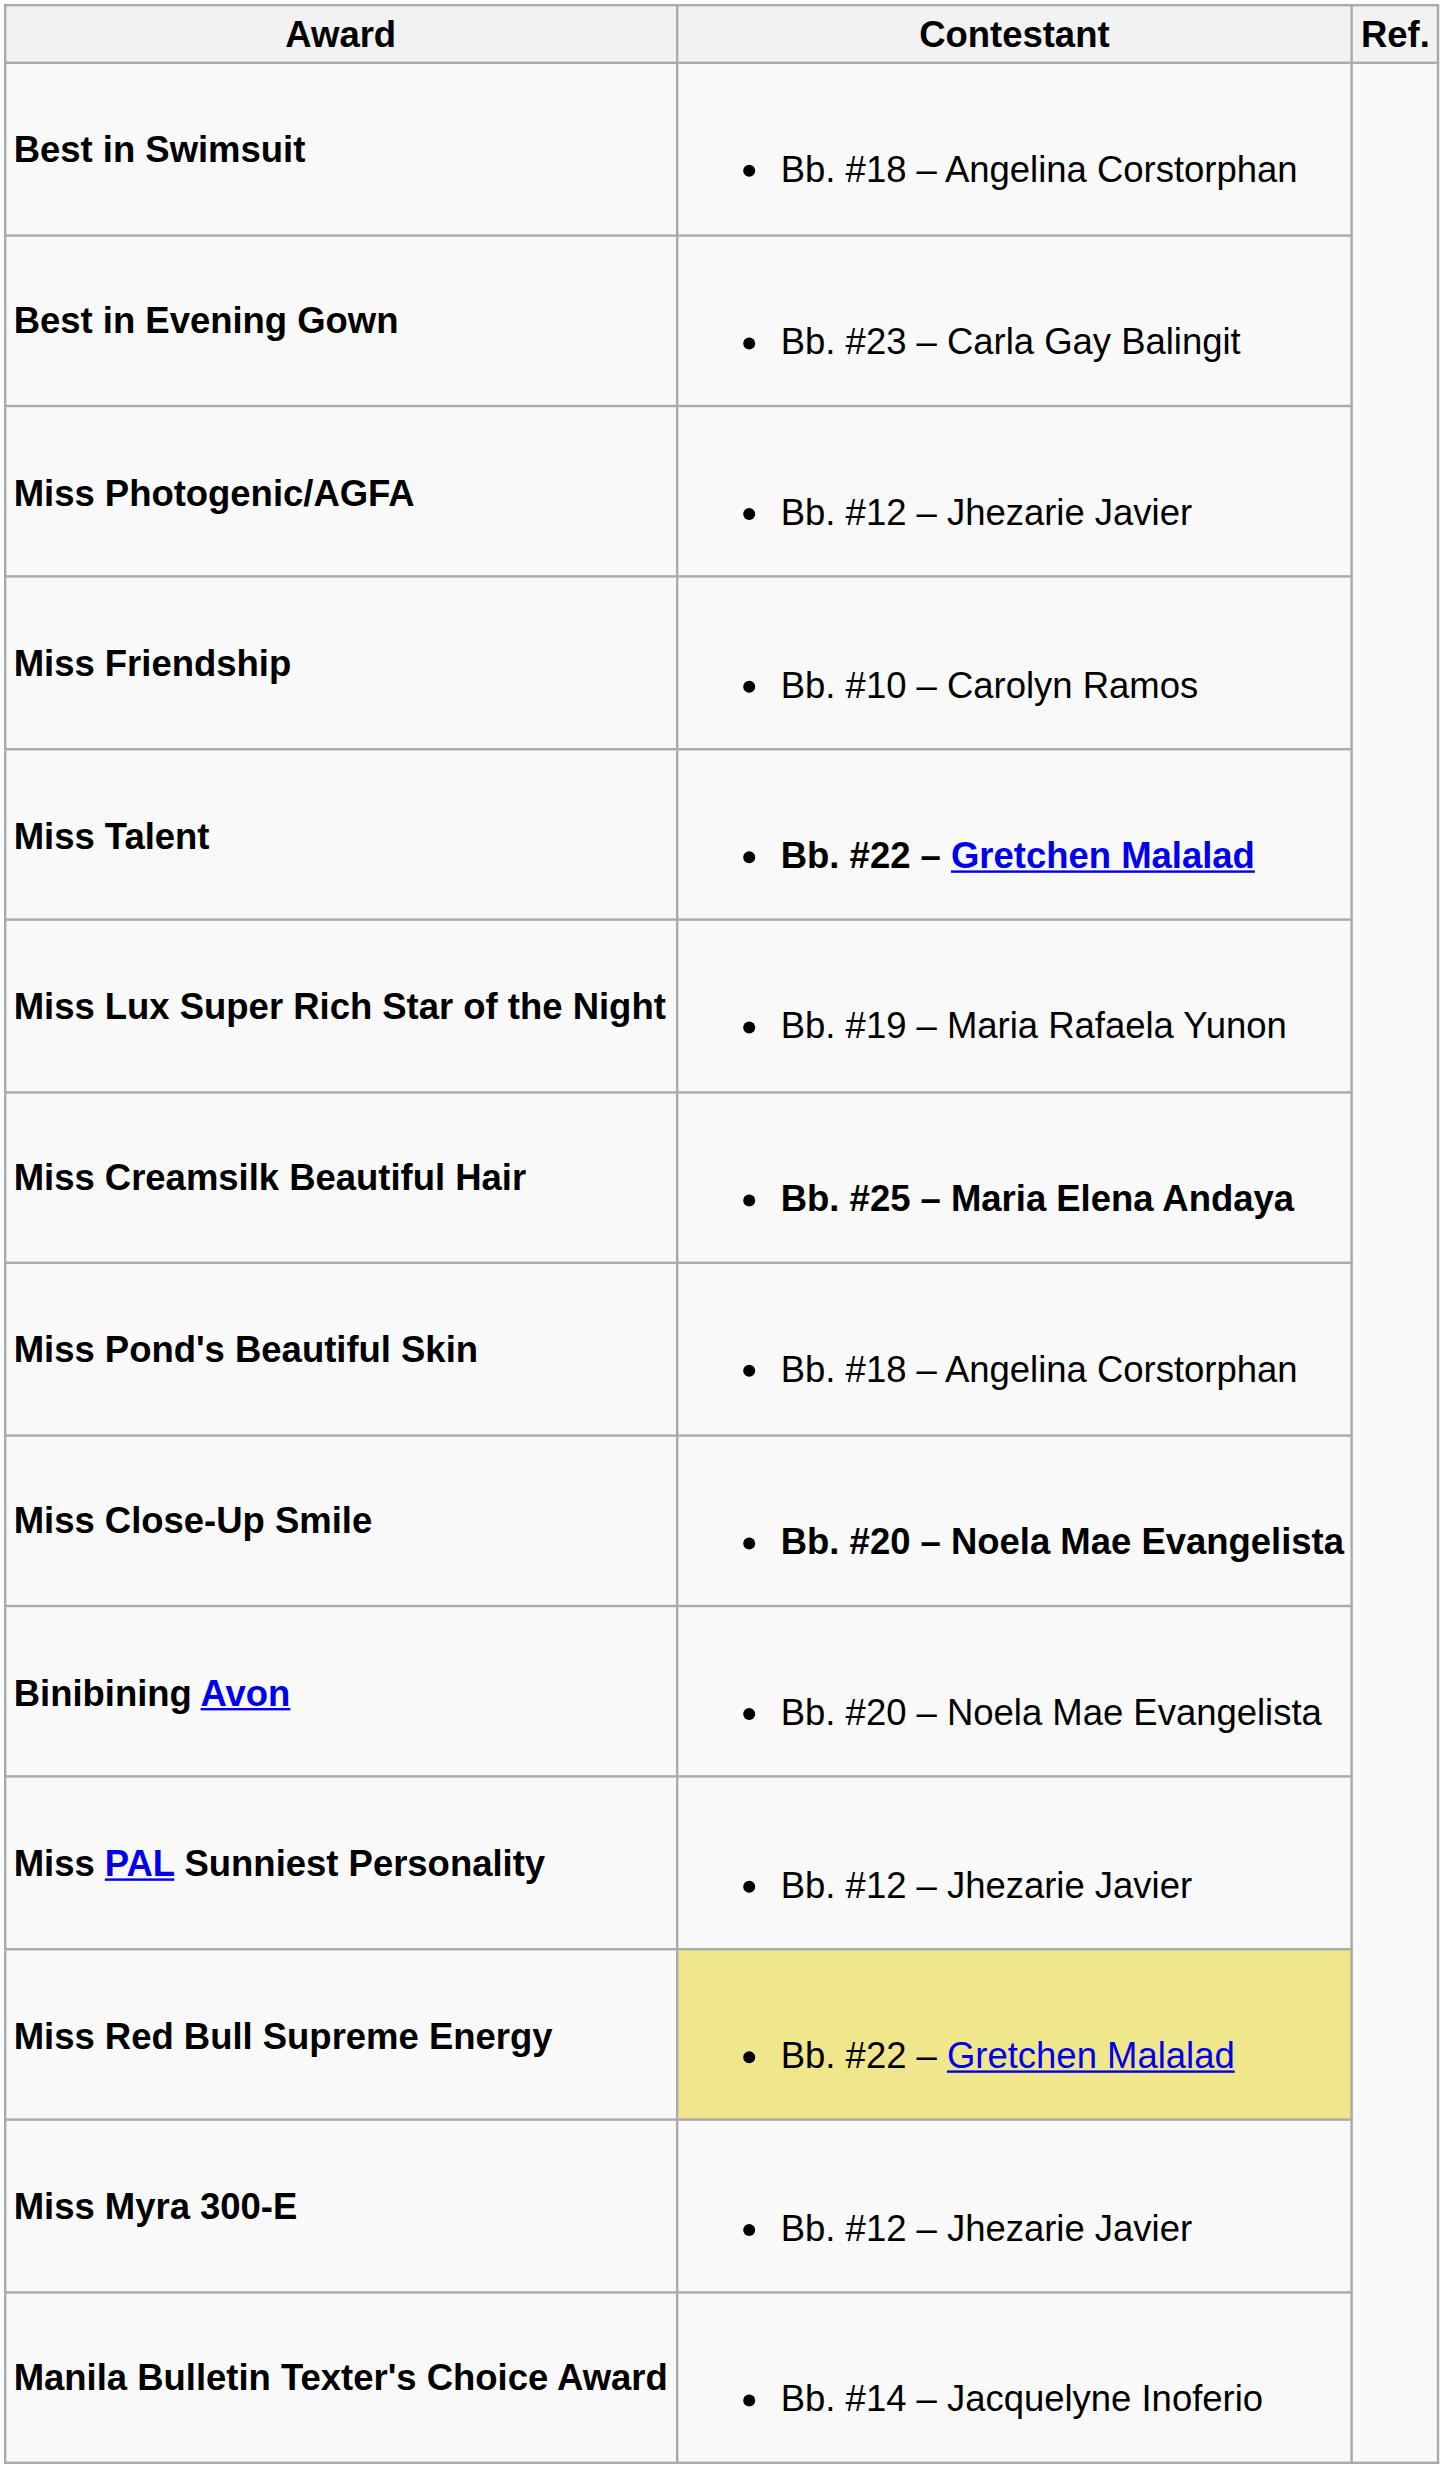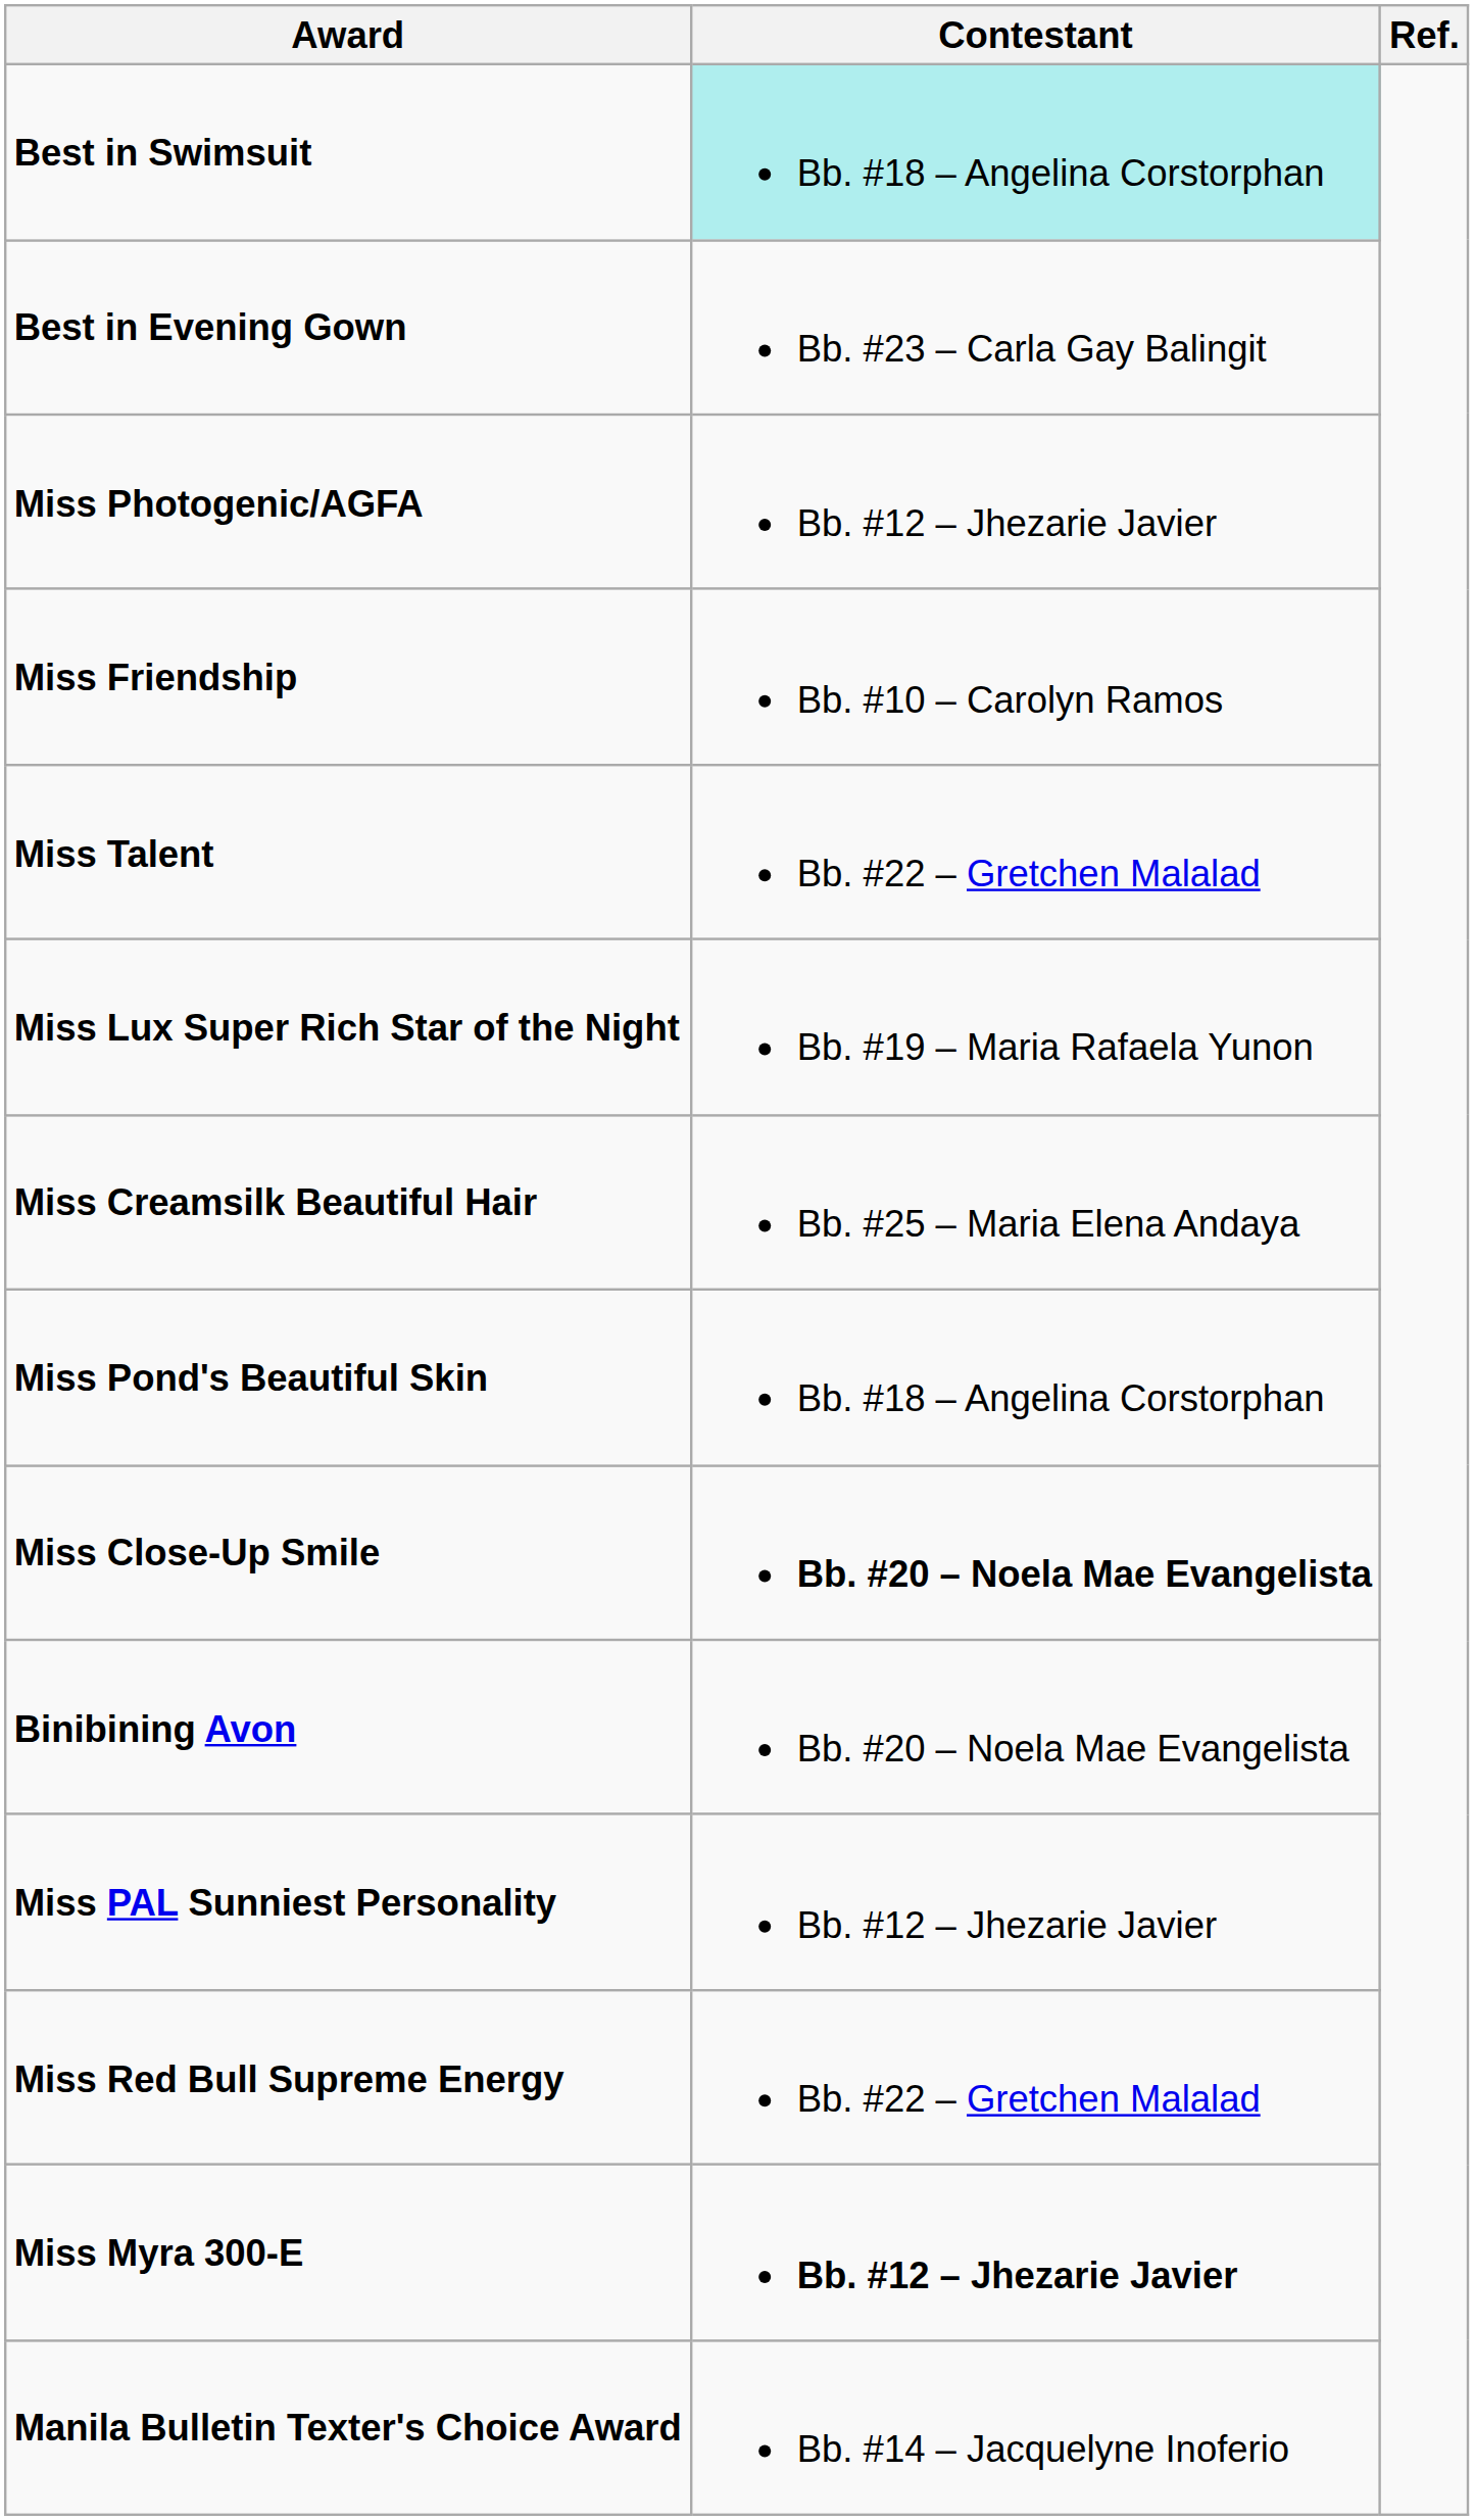 <table class="wikitable sortable" style="font-size: 95%;">
 <tr>
 <th>Award</th>
 <th>Contestant</th>
 <th>Ref.</th>
 </tr>
 <tr>
 <td><strong>Best in Swimsuit</strong></td>
-<td><br><ul><li>Bb. #18 – Angelina Corstorphan</li></ul></td>
+<td style="background: paleturquoise;"><br><ul><li>Bb. #18 – Angelina Corstorphan</li></ul></td>
 <td rowspan="14"></td>
 </tr>
 <tr>
 <td><strong>Best in Evening Gown</strong></td>
 <td><br><ul><li>Bb. #23 – Carla Gay Balingit</li></ul></td>
 </tr>
 <tr>
 <td><strong>Miss Photogenic/AGFA</strong></td>
 <td><br><ul><li>Bb. #12 – Jhezarie Javier</li></ul></td>
 </tr>
 <tr>
 <td><strong>Miss Friendship</strong></td>
 <td><br><ul><li>Bb. #10 – Carolyn Ramos</li></ul></td>
 </tr>
 <tr>
 <td><strong>Miss Talent</strong></td>
-<td><strong><br><ul><li>Bb. #22 – <a href='#'>Gretchen Malalad</a></li></ul></strong></td>
+<td><br><ul><li>Bb. #22 – <a href='#'>Gretchen Malalad</a></li></ul></td>
 </tr>
 <tr>
 <td><strong>Miss Lux Super Rich Star of the Night</strong></td>
 <td><br><ul><li>Bb. #19 – Maria Rafaela Yunon</li></ul></td>
 </tr>
 <tr>
 <td><strong>Miss Creamsilk Beautiful Hair</strong></td>
-<td><strong><br><ul><li>Bb. #25 – Maria Elena Andaya</li></ul></strong></td>
+<td><br><ul><li>Bb. #25 – Maria Elena Andaya</li></ul></td>
 </tr>
 <tr>
 <td><strong>Miss Pond's Beautiful Skin</strong></td>
 <td><br><ul><li>Bb. #18 – Angelina Corstorphan</li></ul></td>
 </tr>
 <tr>
 <td><strong>Miss Close-Up Smile</strong></td>
 <td><strong><br><ul><li>Bb. #20 – Noela Mae Evangelista</li></ul></strong></td>
 </tr>
 <tr>
 <td><strong>Binibining <a href='#'>Avon</a></strong></td>
 <td><br><ul><li>Bb. #20 – Noela Mae Evangelista</li></ul></td>
 </tr>
 <tr>
 <td><strong>Miss <a href='#'>PAL</a> Sunniest Personality</strong></td>
 <td><br><ul><li>Bb. #12 – Jhezarie Javier</li></ul></td>
 </tr>
 <tr>
 <td><strong>Miss Red Bull Supreme Energy</strong></td>
-<td style="background: khaki;"><br><ul><li>Bb. #22 – <a href='#'>Gretchen Malalad</a></li></ul></td>
+<td><br><ul><li>Bb. #22 – <a href='#'>Gretchen Malalad</a></li></ul></td>
 </tr>
 <tr>
 <td><strong>Miss Myra 300-E</strong></td>
-<td><br><ul><li>Bb. #12 – Jhezarie Javier</li></ul></td>
+<td><strong><br><ul><li>Bb. #12 – Jhezarie Javier</li></ul></strong></td>
 </tr>
 <tr>
 <td><strong>Manila Bulletin Texter's Choice Award</strong></td>
 <td><br><ul><li>Bb. #14 – Jacquelyne Inoferio</li></ul></td>
 </tr>
 </table>
